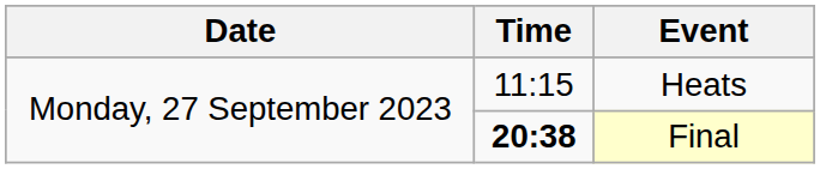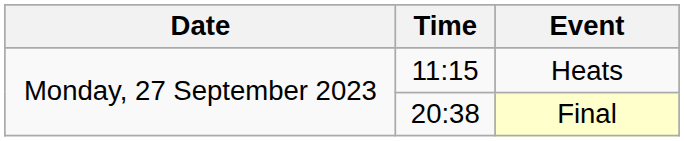 <table class = "wikitable" style="text-align:center;">
 <tr>
 <th width=220>Date</th>
 <th width=50>Time</th>
 <th width=100>Event</th>
 </tr>
 <tr>
 <td rowspan=2>Monday, 27 September 2023</td>
 <td>11:15</td>
 <td>Heats</td>
 </tr>
 <tr>
-<td><strong>20:38</strong></td>
+<td>20:38</td>
 <td bgcolor=ffffcc>Final</td>
 </tr>
 </table>
